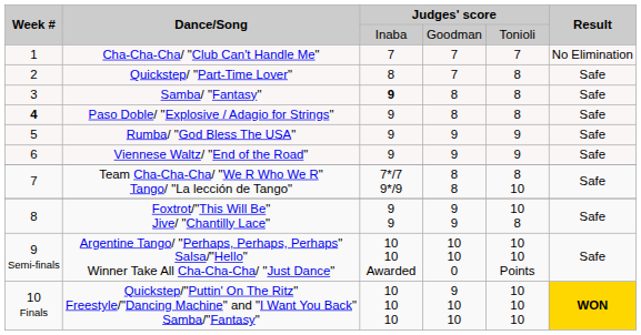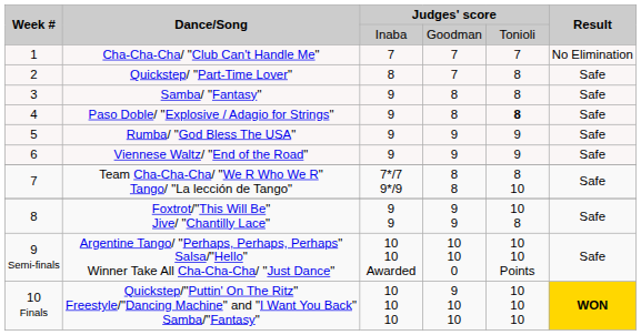 <table class="wikitable">
 <tr style="text-align: center; background:#ccc;">
 <td rowspan="2"><strong>Week #</strong></td>
 <td rowspan="2"><strong>Dance/Song</strong></td>
 <td colspan="3"><strong>Judges' score</strong></td>
 <td rowspan="2"><strong>Result</strong></td>
 </tr>
 <tr style="text-align: center; background:#ccc;">
 <td style="width:10%; ">Inaba</td>
 <td style="width:10%; ">Goodman</td>
 <td style="width:10%; ">Tonioli</td>
 </tr>
 <tr>
 <td style="text-align: center; background:#faf6f6;">1</td>
 <td style="text-align: center; background:#faf6f6;"><a href='#'>Cha-Cha-Cha</a>/ "<a href='#'>Club Can't Handle Me</a>"</td>
 <td style="text-align: center; background:#faf6f6;">7</td>
 <td style="text-align: center; background:#faf6f6;">7</td>
 <td style="text-align: center; background:#faf6f6;">7</td>
 <td style="text-align: center; background:#faf6f6;">No Elimination</td>
 </tr>
 <tr style="text-align:center; background:#faf6f6;">
 <td>2</td>
 <td><a href='#'>Quickstep</a>/ "<a href='#'>Part-Time Lover</a>"</td>
 <td>8</td>
 <td>7</td>
 <td>8</td>
 <td>Safe</td>
 </tr>
 <tr>
 <td style="text-align: center; background:#faf6f6;">3</td>
 <td style="text-align: center; background:#faf6f6;"><a href='#'>Samba</a>/ "<a href='#'>Fantasy</a>"</td>
-<td style="text-align: center; background:#faf6f6;"><strong>9</strong></td>
+<td style="text-align: center; background:#faf6f6;">9</td>
 <td style="text-align: center; background:#faf6f6;">8</td>
 <td style="text-align: center; background:#faf6f6;">8</td>
 <td style="text-align: center; background:#faf6f6;">Safe</td>
 </tr>
 <tr>
-<td style="text-align: center; background:#faf6f6;"><strong>4</strong></td>
+<td style="text-align: center; background:#faf6f6;">4</td>
 <td style="text-align: center; background:#faf6f6;"><a href='#'>Paso Doble</a>/ "<a href='#'>Explosive / Adagio for Strings</a>"</td>
 <td style="text-align: center; background:#faf6f6;">9</td>
 <td style="text-align: center; background:#faf6f6;">8</td>
-<td style="text-align: center; background:#faf6f6;">8</td>
+<td style="text-align: center; background:#faf6f6;"><strong>8</strong></td>
 <td style="text-align: center; background:#faf6f6;">Safe</td>
 </tr>
 <tr style="text-align:center; background:#faf6f6;">
 <td>5</td>
 <td><a href='#'>Rumba</a>/ "<a href='#'>God Bless The USA</a>"</td>
 <td>9</td>
 <td>9</td>
 <td>9</td>
 <td>Safe</td>
 </tr>
 <tr style="text-align:center; background:#faf6f6;">
 <td>6</td>
 <td><a href='#'>Viennese Waltz</a>/ "<a href='#'>End of the Road</a>"</td>
 <td>9</td>
 <td>9</td>
 <td>9</td>
 <td>Safe</td>
 </tr>
 <tr style="text-align: center; background:#faf6f6;"|>
 </tr>
 <tr>
 <td style="text-align:center; background:#faf6f">7</td>
 <td style="text-align:center; background:#faf6f">Team <a href='#'>Cha-Cha-Cha</a>/ "<a href='#'>We R Who We R</a>"<br><a href='#'>Tango</a>/ "La lección de Tango"</td>
 <td style="text-align:center; background:#faf6f">7*/7<br>9*/9</td>
 <td style="text-align:center; background:#faf6f">8<br>8</td>
 <td style="text-align:center; background:#faf6f">8<br>10</td>
 <td style="text-align:center; background:#faf6f">Safe</td>
 </tr>
 <tr style="text-align: center; background:#faf6f6;"|>
 </tr>
 <tr>
 <td style="text-align:center; background:#faf6f">8</td>
 <td style="text-align:center; background:#faf6f"><a href='#'>Foxtrot</a>/"<a href='#'>This Will Be</a>"<br><a href='#'>Jive</a>/ "<a href='#'>Chantilly Lace</a>"</td>
 <td style="text-align:center; background:#faf6f">9<br>9</td>
 <td style="text-align:center; background:#faf6f">9<br>9</td>
 <td style="text-align:center; background:#faf6f">10<br>8</td>
 <td style="text-align:center; background:#faf6f">Safe</td>
 </tr>
 <tr>
 <td style="text-align:center; background:#faf6f">9<br><small>Semi-finals</small></td>
 <td style="text-align:center; background:#faf6f"><a href='#'>Argentine Tango</a>/ "<a href='#'>Perhaps, Perhaps, Perhaps</a>"<br><a href='#'>Salsa</a>/"<a href='#'>Hello</a>"<br>Winner Take All <a href='#'>Cha-Cha-Cha</a>/ "<a href='#'>Just Dance</a>"</td>
 <td style="text-align:center; background:#faf6f">10<br>10<br>Awarded</td>
 <td style="text-align:center; background:#faf6f">10<br>10<br>0</td>
 <td style="text-align:center; background:#faf6f">10<br>10<br>Points</td>
 <td style="text-align:center; background:#faf6f">Safe</td>
 </tr>
 <tr>
 <td style="text-align:center; background:#faf6f">10<br><small>Finals</small></td>
 <td style="text-align:center; background:#faf6f"><a href='#'>Quickstep</a>/"<a href='#'>Puttin' On The Ritz</a>"<br><a href='#'>Freestyle</a>/"<a href='#'>Dancing Machine</a>" and "<a href='#'>I Want You Back</a>"<br><a href='#'>Samba</a>/"<a href='#'>Fantasy</a>"</td>
 <td style="text-align:center; background:#faf6f">10<br>10<br>10</td>
 <td style="text-align:center; background:#faf6f">9<br>10<br>10</td>
 <td style="text-align:center; background:#faf6f">10<br>10<br>10</td>
 <td style="text-align:center; background:gold"><strong>WON</strong></td>
 </tr>
 </table>
